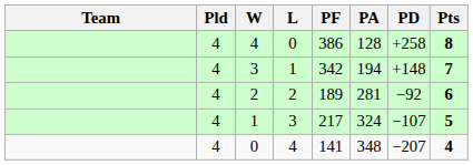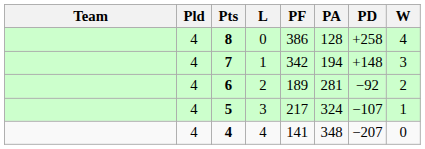 <table class=wikitable style="text-align:center">
 <tr>
 <th width=180>Team</th>
 <th width=30>Pld</th>
-<th width=30>W</th>
+<th width=30>Pts</th>
 <th width=30>L</th>
 <th width=30>PF</th>
 <th width=30>PA</th>
 <th width=30>PD</th>
-<th width=30>Pts</th>
+<th width=30>W</th>
 </tr>
 <tr bgcolor="#ccffcc">
 <td align="left"></td>
 <td>4</td>
-<td>4</td>
+<td><strong>8</strong></td>
 <td>0</td>
 <td>386</td>
 <td>128</td>
 <td>+258</td>
-<td><strong>8</strong></td>
+<td>4</td>
 </tr>
 <tr bgcolor="#ccffcc">
 <td align="left"></td>
 <td>4</td>
-<td>3</td>
+<td><strong>7</strong></td>
 <td>1</td>
 <td>342</td>
 <td>194</td>
 <td>+148</td>
-<td><strong>7</strong></td>
+<td>3</td>
 </tr>
 <tr bgcolor="#ccffcc">
 <td align="left"></td>
 <td>4</td>
-<td>2</td>
+<td><strong>6</strong></td>
 <td>2</td>
 <td>189</td>
 <td>281</td>
 <td>−92</td>
-<td><strong>6</strong></td>
+<td>2</td>
 </tr>
 <tr bgcolor="#ccffcc">
 <td align="left"></td>
 <td>4</td>
-<td>1</td>
+<td><strong>5</strong></td>
 <td>3</td>
 <td>217</td>
 <td>324</td>
 <td>−107</td>
-<td><strong>5</strong></td>
+<td>1</td>
 </tr>
 <tr>
 <td align="left"></td>
 <td>4</td>
-<td>0</td>
+<td><strong>4</strong></td>
 <td>4</td>
 <td>141</td>
 <td>348</td>
 <td>−207</td>
-<td><strong>4</strong></td>
+<td>0</td>
 </tr>
 </table>
